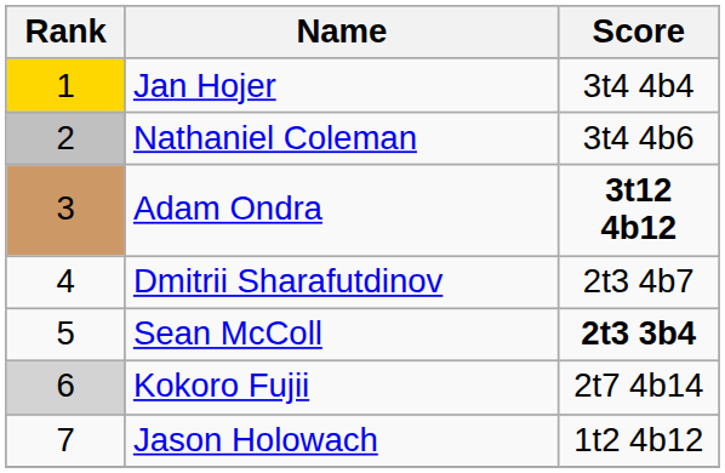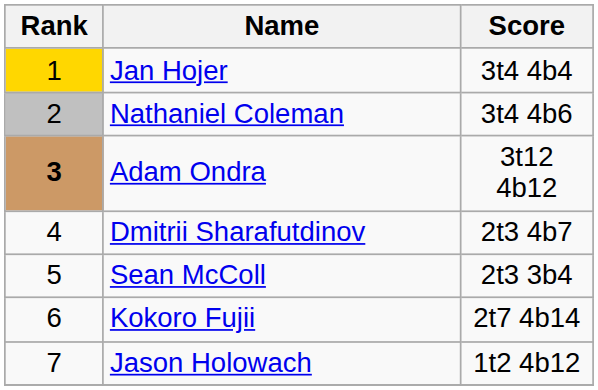 <table class="wikitable">
 <tr>
 <th width = "50">Rank</th>
 <th width = "200">Name</th>
 <th width = "70">Score</th>
 </tr>
 <tr>
 <td align="center" style="background: gold">1</td>
 <td> <a href='#'>Jan Hojer</a></td>
 <td align="center">3t4 4b4</td>
 </tr>
 <tr>
 <td align="center" style="background: silver">2</td>
 <td> <a href='#'>Nathaniel Coleman</a></td>
 <td align="center">3t4 4b6</td>
 </tr>
 <tr>
-<td align="center" style="background: #cc9966">3</td>
+<td align="center" style="background: #cc9966"><strong>3</strong></td>
 <td> <a href='#'>Adam Ondra</a></td>
-<td align="center"><strong>3t12 4b12</strong></td>
+<td align="center">3t12 4b12</td>
 </tr>
 <tr>
 <td align="center">4</td>
 <td> <a href='#'>Dmitrii Sharafutdinov</a></td>
 <td align="center">2t3 4b7</td>
 </tr>
 <tr>
 <td align="center">5</td>
 <td> <a href='#'>Sean McColl</a></td>
-<td align="center"><strong>2t3 3b4</strong></td>
+<td align="center">2t3 3b4</td>
 </tr>
 <tr>
-<td align="center" style="background: lightgrey;">6</td>
+<td align="center">6</td>
 <td> <a href='#'>Kokoro Fujii</a></td>
 <td align="center">2t7 4b14</td>
 </tr>
 <tr>
 <td align="center">7</td>
 <td> <a href='#'>Jason Holowach</a></td>
 <td align="center">1t2 4b12</td>
 </tr>
 <tr>
 </tr>
 </table>
